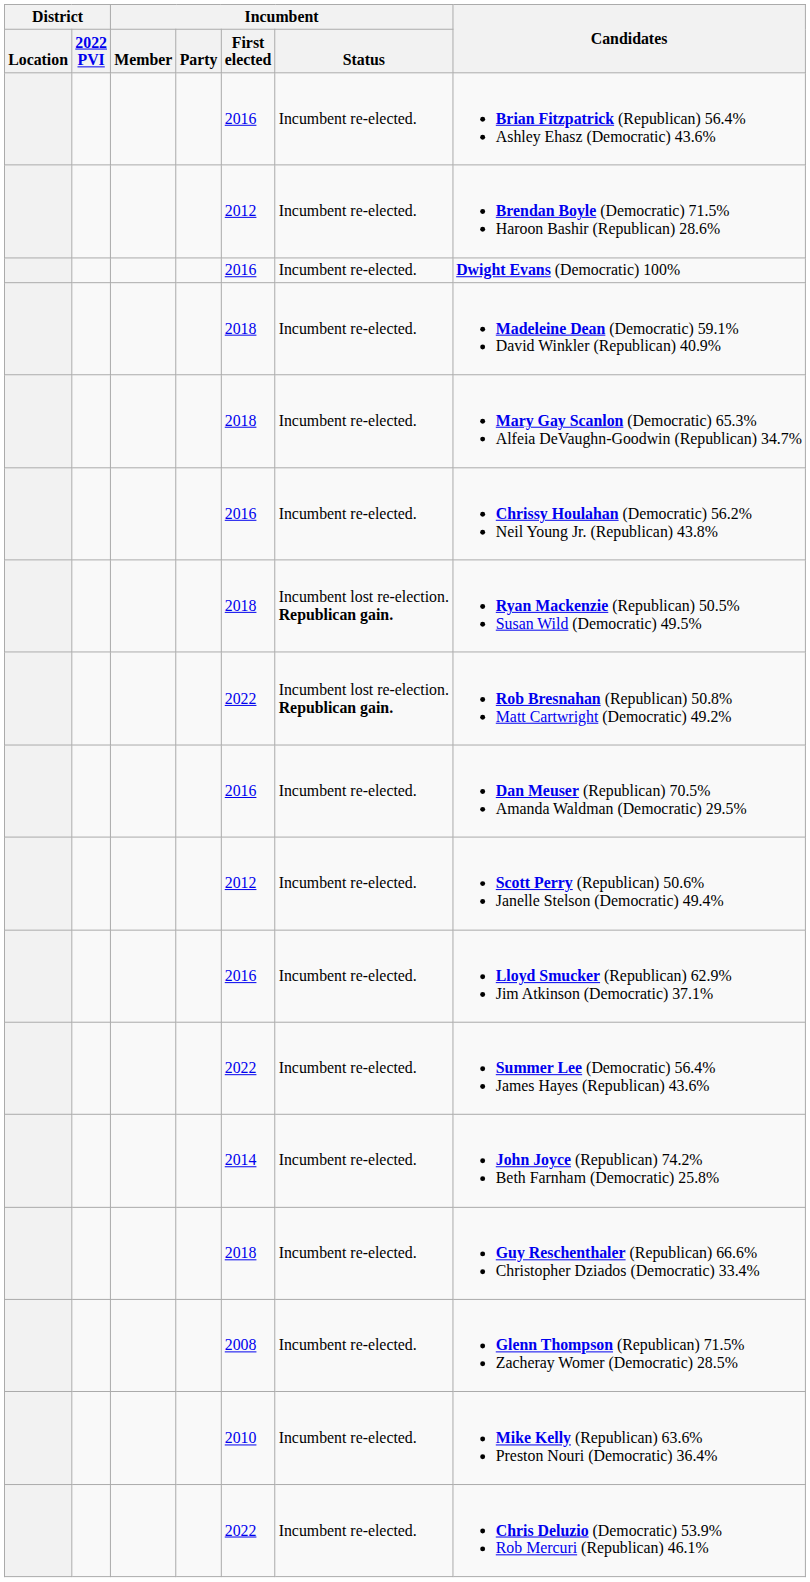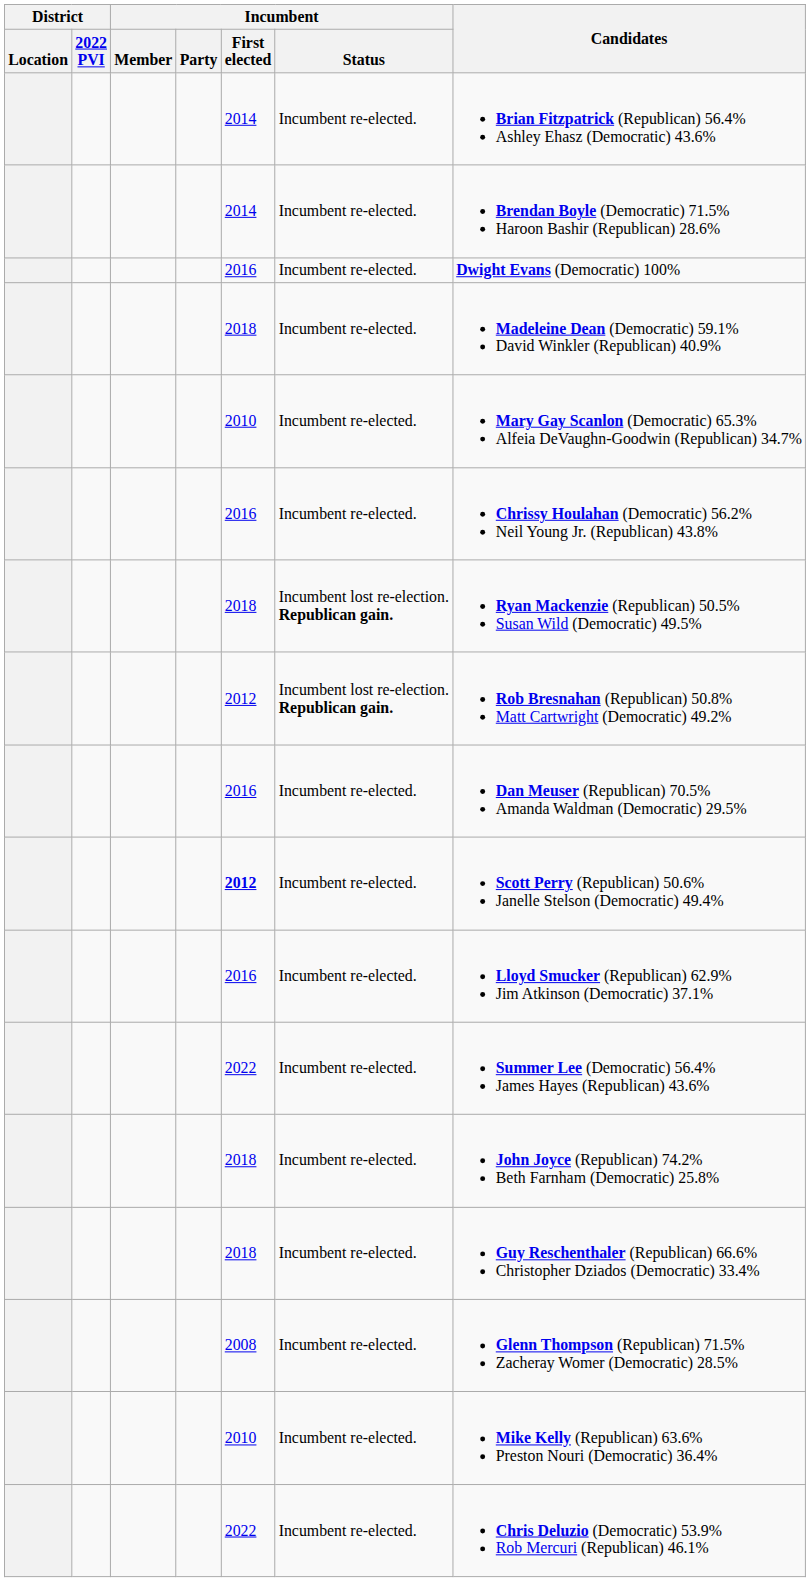 <table class="wikitable sortable">
 <tr>
 <th colspan=2>District</th>
 <th colspan=4>Incumbent</th>
 <th rowspan=2 class="unsortable">Candidates</th>
 </tr>
 <tr valign=bottom>
 <th>Location</th>
 <th><a href='#'>2022<br>PVI</a></th>
 <th>Member</th>
 <th>Party</th>
 <th>First<br>elected</th>
 <th>Status</th>
 </tr>
 <tr>
 <th></th>
 <td></td>
 <td></td>
 <td></td>
-<td><a href='#'>2016</a></td>
+<td><a href='#'>2014</a></td>
 <td>Incumbent re-elected.</td>
 <td nowrap><br><ul><li> <strong><a href='#'>Brian Fitzpatrick</a></strong> (Republican) 56.4%</li><li>Ashley Ehasz (Democratic) 43.6%</li></ul></td>
 </tr>
 <tr>
 <th></th>
 <td></td>
 <td></td>
 <td></td>
-<td><a href='#'>2012</a></td>
+<td><a href='#'>2014</a></td>
 <td>Incumbent re-elected.</td>
 <td nowrap><br><ul><li> <strong><a href='#'>Brendan Boyle</a></strong> (Democratic) 71.5%</li><li>Haroon Bashir (Republican) 28.6%</li></ul></td>
 </tr>
 <tr>
 <th></th>
 <td></td>
 <td></td>
 <td></td>
 <td><a href='#'>2016 </a></td>
 <td>Incumbent re-elected.</td>
 <td nowrap> <strong><a href='#'>Dwight Evans</a></strong> (Democratic) 100%</td>
 </tr>
 <tr>
 <th></th>
 <td></td>
 <td></td>
 <td></td>
 <td><a href='#'>2018</a></td>
 <td>Incumbent re-elected.</td>
 <td nowrap><br><ul><li> <strong><a href='#'>Madeleine Dean</a></strong> (Democratic) 59.1%</li><li>David Winkler (Republican) 40.9%</li></ul></td>
 </tr>
 <tr>
 <th></th>
 <td></td>
 <td></td>
 <td></td>
-<td><a href='#'>2018 </a></td>
+<td><a href='#'>2010 </a></td>
 <td>Incumbent re-elected.</td>
 <td nowrap><br><ul><li> <strong><a href='#'>Mary Gay Scanlon</a></strong> (Democratic) 65.3%</li><li>Alfeia DeVaughn-Goodwin (Republican) 34.7%</li></ul></td>
 </tr>
 <tr>
 <th></th>
 <td></td>
 <td></td>
 <td></td>
 <td><a href='#'>2016</a></td>
 <td>Incumbent re-elected.</td>
 <td nowrap><br><ul><li> <strong><a href='#'>Chrissy Houlahan</a></strong> (Democratic) 56.2%</li><li>Neil Young Jr. (Republican) 43.8%</li></ul></td>
 </tr>
 <tr>
 <th></th>
 <td></td>
 <td></td>
 <td></td>
 <td><a href='#'>2018 </a></td>
 <td>Incumbent lost re-election.<br><strong>Republican gain.</strong></td>
 <td nowrap><br><ul><li> <strong><a href='#'>Ryan Mackenzie</a></strong> (Republican) 50.5%</li><li><a href='#'>Susan Wild</a> (Democratic) 49.5%</li></ul></td>
 </tr>
 <tr>
 <th></th>
 <td></td>
 <td></td>
 <td></td>
-<td><a href='#'>2022</a></td>
+<td><a href='#'>2012</a></td>
 <td>Incumbent lost re-election.<br><strong>Republican gain.</strong></td>
 <td nowrap><br><ul><li> <strong><a href='#'>Rob Bresnahan</a></strong> (Republican) 50.8%</li><li><a href='#'>Matt Cartwright</a> (Democratic) 49.2%</li></ul></td>
 </tr>
 <tr>
 <th></th>
 <td></td>
 <td></td>
 <td></td>
 <td><a href='#'>2016</a></td>
 <td>Incumbent re-elected.</td>
 <td nowrap><br><ul><li> <strong><a href='#'>Dan Meuser</a></strong> (Republican) 70.5%</li><li>Amanda Waldman (Democratic) 29.5%</li></ul></td>
 </tr>
 <tr>
 <th></th>
 <td></td>
 <td></td>
 <td></td>
-<td><a href='#'>2012</a></td>
+<td><strong><a href='#'>2012</a></strong></td>
 <td>Incumbent re-elected.</td>
 <td nowrap><br><ul><li> <strong><a href='#'>Scott Perry</a></strong> (Republican) 50.6%</li><li>Janelle Stelson (Democratic) 49.4%</li></ul></td>
 </tr>
 <tr>
 <th></th>
 <td></td>
 <td></td>
 <td></td>
 <td><a href='#'>2016</a></td>
 <td>Incumbent re-elected.</td>
 <td nowrap><br><ul><li> <strong><a href='#'>Lloyd Smucker</a></strong> (Republican) 62.9%</li><li>Jim Atkinson (Democratic) 37.1%</li></ul></td>
 </tr>
 <tr>
 <th></th>
 <td></td>
 <td></td>
 <td></td>
 <td><a href='#'>2022</a></td>
 <td>Incumbent re-elected.</td>
 <td nowrap><br><ul><li> <strong><a href='#'>Summer Lee</a></strong> (Democratic) 56.4%</li><li>James Hayes (Republican) 43.6%</li></ul></td>
 </tr>
 <tr>
 <th></th>
 <td></td>
 <td></td>
 <td></td>
-<td><a href='#'>2014</a></td>
+<td><a href='#'>2018</a></td>
 <td>Incumbent re-elected.</td>
 <td nowrap><br><ul><li> <strong><a href='#'>John Joyce</a></strong> (Republican) 74.2%</li><li>Beth Farnham (Democratic) 25.8%</li></ul></td>
 </tr>
 <tr>
 <th></th>
 <td></td>
 <td></td>
 <td></td>
 <td><a href='#'>2018</a></td>
 <td>Incumbent re-elected.</td>
 <td nowrap><br><ul><li> <strong><a href='#'>Guy Reschenthaler</a></strong> (Republican) 66.6%</li><li>Christopher Dziados (Democratic) 33.4%</li></ul></td>
 </tr>
 <tr>
 <th></th>
 <td></td>
 <td></td>
 <td></td>
 <td><a href='#'>2008</a></td>
 <td>Incumbent re-elected.</td>
 <td nowrap><br><ul><li> <strong><a href='#'>Glenn Thompson</a></strong> (Republican) 71.5%</li><li>Zacheray Womer (Democratic) 28.5%</li></ul></td>
 </tr>
 <tr>
 <th></th>
 <td></td>
 <td></td>
 <td></td>
 <td><a href='#'>2010</a></td>
 <td>Incumbent re-elected.</td>
 <td nowrap><br><ul><li> <strong><a href='#'>Mike Kelly</a></strong> (Republican) 63.6%</li><li>Preston Nouri (Democratic) 36.4%</li></ul></td>
 </tr>
 <tr>
 <th></th>
 <td></td>
 <td></td>
 <td></td>
 <td><a href='#'>2022</a></td>
 <td>Incumbent re-elected.</td>
 <td nowrap><br><ul><li> <strong><a href='#'>Chris Deluzio</a></strong> (Democratic) 53.9%</li><li><a href='#'>Rob Mercuri</a> (Republican) 46.1%</li></ul></td>
 </tr>
 </table>
